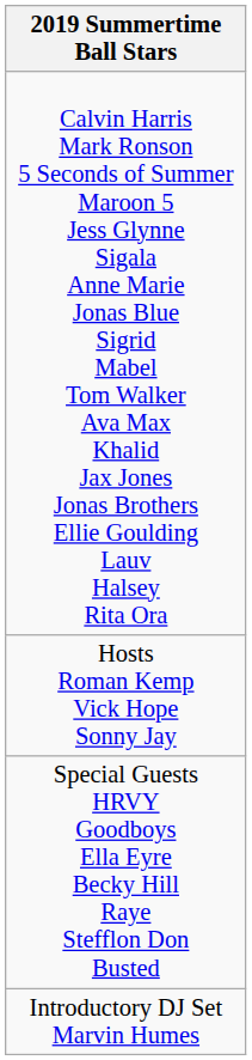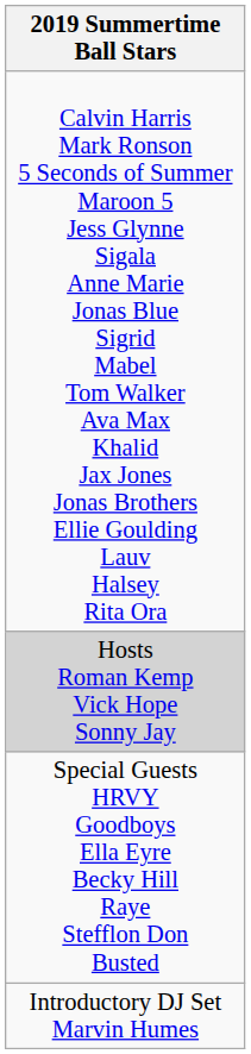 <table class="wikitable">
 <tr>
 <th>2019 Summertime Ball Stars</th>
 </tr>
 <tr>
 <td style="text-align:center; vertical-align:top; width:150px;"><br><a href='#'>Calvin Harris</a><br><a href='#'>Mark Ronson</a><br><a href='#'>5 Seconds of Summer</a><br><a href='#'>Maroon 5</a><br><a href='#'>Jess Glynne</a><br><a href='#'>Sigala</a><br><a href='#'>Anne Marie</a><br><a href='#'>Jonas Blue</a><br><a href='#'>Sigrid</a><br><a href='#'>Mabel</a><br><a href='#'>Tom Walker</a><br><a href='#'>Ava Max</a><br><a href='#'>Khalid</a> <br><a href='#'>Jax Jones</a> <br><a href='#'>Jonas Brothers</a> <br><a href='#'>Ellie Goulding</a><br><a href='#'>Lauv</a><br><a href='#'>Halsey</a><br><a href='#'>Rita Ora</a></td>
 </tr>
 <tr>
-<td style="text-align:center; vertical-align:top; width:150px;">Hosts<br><a href='#'>Roman Kemp</a><br><a href='#'>Vick Hope</a><br><a href='#'>Sonny Jay</a></td>
+<td style="background: lightgrey; text-align:center; vertical-align:top; width:150px;">Hosts<br><a href='#'>Roman Kemp</a><br><a href='#'>Vick Hope</a><br><a href='#'>Sonny Jay</a></td>
 </tr>
 <tr>
 <td style="text-align:center; vertical-align:top; width:150px;">Special Guests<br><a href='#'>HRVY</a> <br><a href='#'>Goodboys</a> <br><a href='#'>Ella Eyre</a> <br><a href='#'>Becky Hill</a> <br><a href='#'>Raye</a> <br><a href='#'>Stefflon Don</a> <br><a href='#'>Busted</a></td>
 </tr>
 <tr>
 <td style="text-align:center; vertical-align:top; width:150px;">Introductory DJ Set<br><a href='#'>Marvin Humes</a></td>
 </tr>
 </table>
